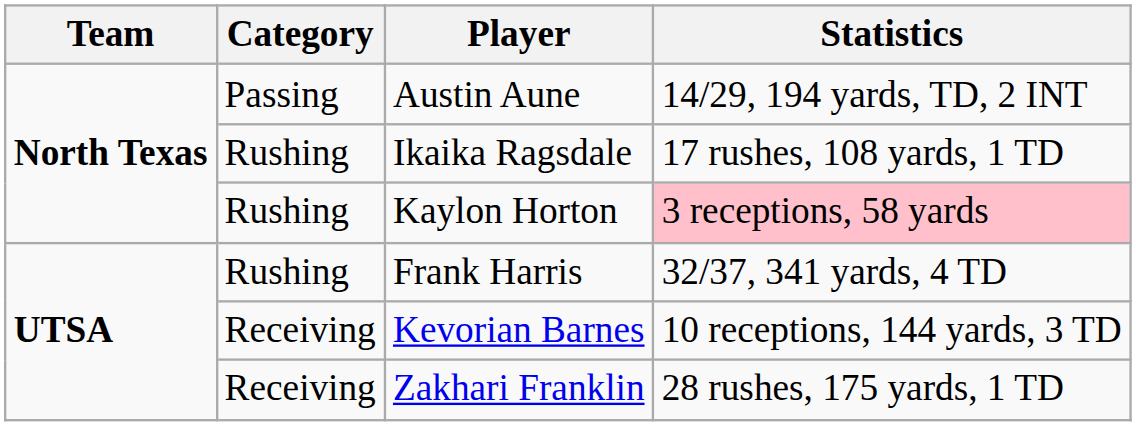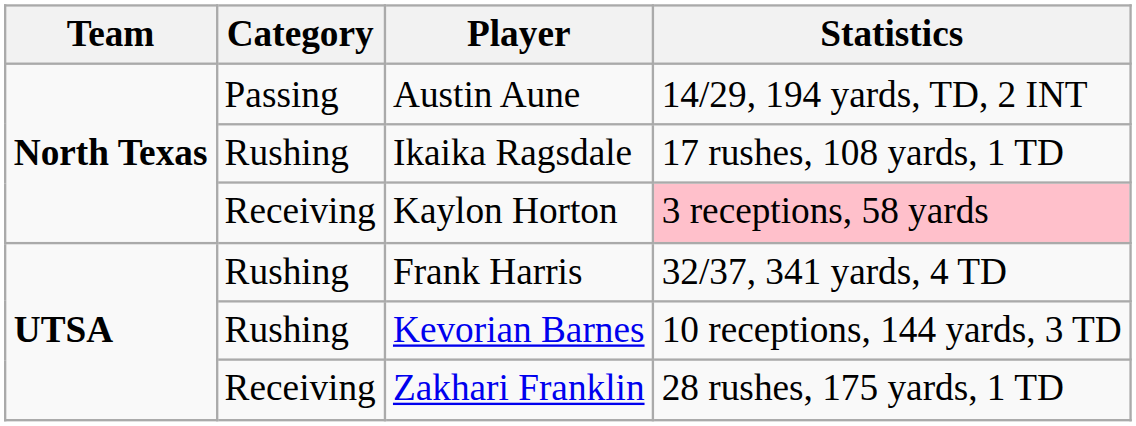 <table class="wikitable" style="float: left;">
 <tr>
 <th>Team</th>
 <th>Category</th>
 <th>Player</th>
 <th>Statistics</th>
 </tr>
 <tr>
 <td rowspan=3><strong>North Texas</strong></td>
 <td>Passing</td>
 <td>Austin Aune</td>
 <td>14/29, 194 yards, TD, 2 INT</td>
 </tr>
 <tr>
 <td>Rushing</td>
 <td>Ikaika Ragsdale</td>
 <td>17 rushes, 108 yards, 1 TD</td>
 </tr>
 <tr>
-<td>Rushing</td>
+<td>Receiving</td>
 <td>Kaylon Horton</td>
 <td style="background: pink;">3 receptions, 58 yards</td>
 </tr>
 <tr>
 <td rowspan=3><strong>UTSA</strong></td>
 <td>Rushing</td>
 <td>Frank Harris</td>
 <td>32/37, 341 yards, 4 TD</td>
 </tr>
 <tr>
-<td>Receiving</td>
+<td>Rushing</td>
 <td><a href='#'>Kevorian Barnes</a></td>
 <td>10 receptions, 144 yards, 3 TD</td>
 </tr>
 <tr>
 <td>Receiving</td>
 <td><a href='#'>Zakhari Franklin</a></td>
 <td>28 rushes, 175 yards, 1 TD</td>
 </tr>
 </table>
